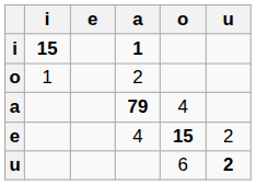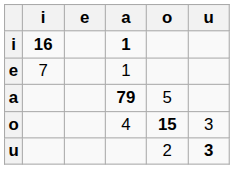 <table class="wikitable" style="text-align:center;">
 <tr>
 <th></th>
 <th style="width:2em;">i</th>
 <th style="width:2em;">e</th>
 <th style="width:2em;">a</th>
 <th style="width:2em;">o</th>
 <th style="width:2em;">u</th>
 </tr>
 <tr>
 <th>i</th>
-<td><strong>15</strong></td>
+<td><strong>16</strong></td>
 <td></td>
 <td><strong>1</strong></td>
 <td></td>
 <td></td>
 </tr>
 <tr>
-<th>o</th>
+<th>e</th>
+<td>7</td>
+<td></td>
 <td>1</td>
-<td></td>
-<td>2</td>
 <td></td>
 <td></td>
 </tr>
 <tr>
 <th>a</th>
 <td></td>
 <td></td>
 <td><strong>79</strong></td>
-<td>4</td>
+<td>5</td>
 <td></td>
 </tr>
 <tr>
-<th>e</th>
+<th>o</th>
 <td></td>
 <td></td>
 <td>4</td>
 <td><strong>15</strong></td>
-<td>2</td>
+<td>3</td>
 </tr>
 <tr>
 <th>u</th>
 <td></td>
 <td></td>
 <td></td>
-<td>6</td>
-<td><strong>2</strong></td>
+<td>2</td>
+<td><strong>3</strong></td>
 </tr>
 </table>
